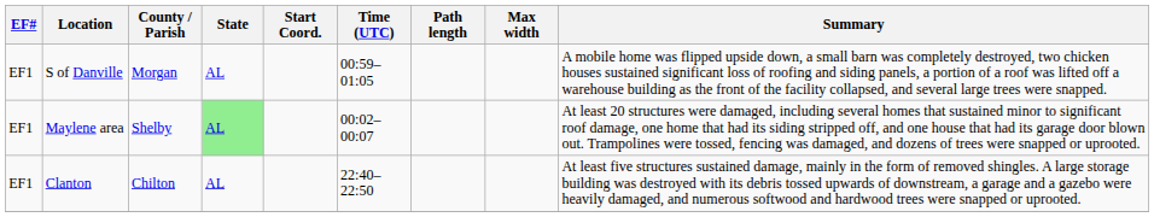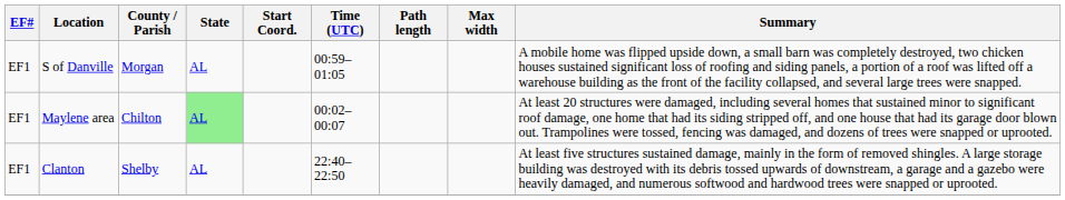 <table class="wikitable sortable" style="width:100%;">
 <tr>
 <th scope="col" width="3%" align="center"><a href='#'>EF#</a></th>
 <th scope="col" width="7%" align="center" class="unsortable">Location</th>
 <th scope="col" width="6%" align="center" class="unsortable">County / Parish</th>
 <th scope="col" width="5%" align="center">State</th>
 <th scope="col" width="6%" align="center">Start Coord.</th>
 <th scope="col" width="6%" align="center">Time (<a href='#'>UTC</a>)</th>
 <th scope="col" width="6%" align="center">Path length</th>
 <th scope="col" width="6%" align="center">Max width</th>
 <th scope="col" width="48%" class="unsortable" align="center">Summary</th>
 </tr>
 <tr>
 <td>EF1</td>
 <td>S of <a href='#'>Danville</a></td>
 <td><a href='#'>Morgan</a></td>
 <td><a href='#'>AL</a></td>
 <td></td>
 <td>00:59–01:05</td>
 <td></td>
 <td></td>
 <td>A mobile home was flipped upside down, a small barn was completely destroyed, two chicken houses sustained significant loss of roofing and siding panels, a portion of a roof was lifted off a warehouse building as the front of the facility collapsed, and several large trees were snapped.</td>
 </tr>
 <tr>
 <td>EF1</td>
 <td><a href='#'>Maylene</a> area</td>
-<td><a href='#'>Shelby</a></td>
+<td><a href='#'>Chilton</a></td>
 <td style="background: lightgreen;"><a href='#'>AL</a></td>
 <td></td>
 <td>00:02–00:07</td>
 <td></td>
 <td></td>
 <td>At least 20 structures were damaged, including several homes that sustained minor to significant roof damage, one home that had its siding stripped off, and one house that had its garage door blown out. Trampolines were tossed, fencing was damaged, and dozens of trees were snapped or uprooted.</td>
 </tr>
 <tr>
 <td>EF1</td>
 <td><a href='#'>Clanton</a></td>
-<td><a href='#'>Chilton</a></td>
+<td><a href='#'>Shelby</a></td>
 <td><a href='#'>AL</a></td>
 <td></td>
 <td>22:40–22:50</td>
 <td></td>
 <td></td>
 <td>At least five structures sustained damage, mainly in the form of removed shingles. A large storage building was destroyed with its debris tossed upwards of  downstream, a garage and a gazebo were heavily damaged, and numerous softwood and hardwood trees were snapped or uprooted.</td>
 </tr>
 <tr>
 </tr>
 </table>
